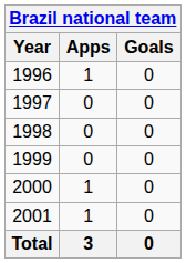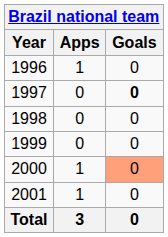 <table class="wikitable" style="text-align:center">
 <tr>
 <th colspan=3><a href='#'>Brazil national team</a></th>
 </tr>
 <tr>
 <th>Year</th>
 <th>Apps</th>
 <th>Goals</th>
 </tr>
 <tr>
 <td>1996</td>
 <td>1</td>
 <td>0</td>
 </tr>
 <tr>
 <td>1997</td>
 <td>0</td>
-<td>0</td>
+<td><strong>0</strong></td>
 </tr>
 <tr>
 <td>1998</td>
 <td>0</td>
 <td>0</td>
 </tr>
 <tr>
 <td>1999</td>
 <td>0</td>
 <td>0</td>
 </tr>
 <tr>
 <td>2000</td>
 <td>1</td>
-<td>0</td>
+<td style="background: lightsalmon;">0</td>
 </tr>
 <tr>
 <td>2001</td>
 <td>1</td>
 <td>0</td>
 </tr>
 <tr>
 <th>Total</th>
 <th>3</th>
 <th>0</th>
 </tr>
 </table>
